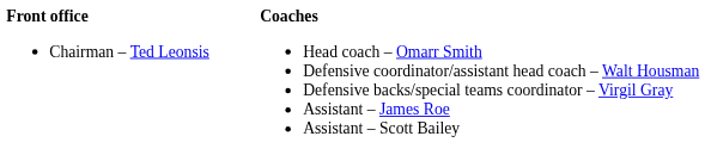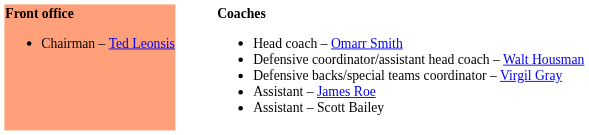 <table class="toccolours" style="text-align: left;">
 <tr>
 <td colspan=7 align="right"></td>
 </tr>
 <tr>
 <td valign="top"></td>
-<td style="font-size: 95%;" valign="top"><strong>Front office</strong><br><ul><li>Chairman – <a href='#'>Ted Leonsis</a></li></ul></td>
+<td style="background: lightsalmon; font-size: 95%;" valign="top"><strong>Front office</strong><br><ul><li>Chairman – <a href='#'>Ted Leonsis</a></li></ul></td>
 <td width="35"> </td>
 <td valign="top"></td>
 <td style="font-size: 95%;" valign="top"><strong>Coaches</strong><br><ul><li>Head coach – <a href='#'>Omarr Smith</a></li><li>Defensive coordinator/assistant head coach – <a href='#'>Walt Housman</a></li><li>Defensive backs/special teams coordinator – <a href='#'>Virgil Gray</a></li><li>Assistant – <a href='#'>James Roe</a></li><li>Assistant – Scott Bailey</li></ul></td>
 </tr>
 </table>
